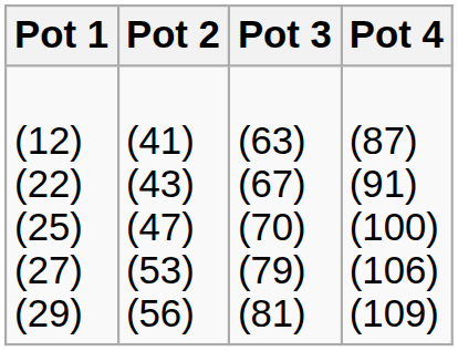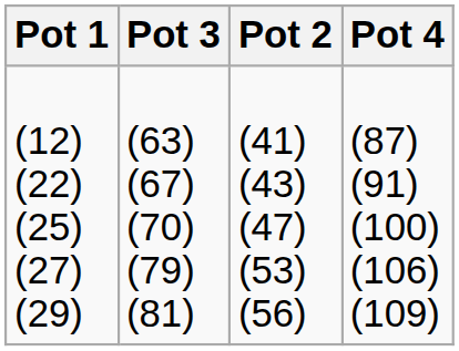 <table class=wikitable>
 <tr>
 <th width=25%>Pot 1</th>
+<th width=25%>Pot 3</th>
 <th width=25%>Pot 2</th>
-<th width=25%>Pot 3</th>
 <th width=25%>Pot 4</th>
 </tr>
 <tr valign=top>
 <td><br> (12)<br>  (22)<br>  (25)<br>  (27)<br>  (29)</td>
+<td><br> (63)<br>  (67)<br>  (70)<br>  (79)<br>  (81)<br></td>
 <td><br> (41)<br>  (43)<br>  (47)<br>  (53)<br>  (56)</td>
-<td><br> (63)<br>  (67)<br>  (70)<br>  (79)<br>  (81)<br></td>
 <td><br> (87)<br>  (91)<br>  (100)<br>  (106)<br>  (109)<br></td>
 </tr>
 </table>
